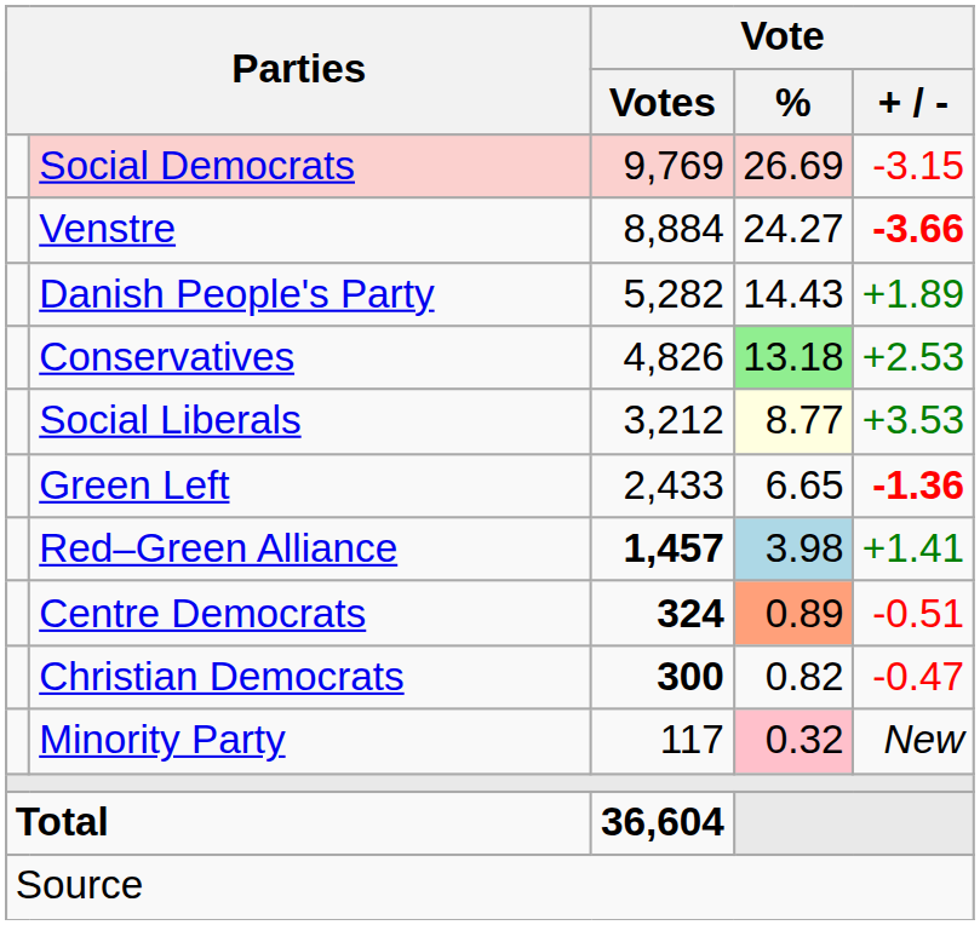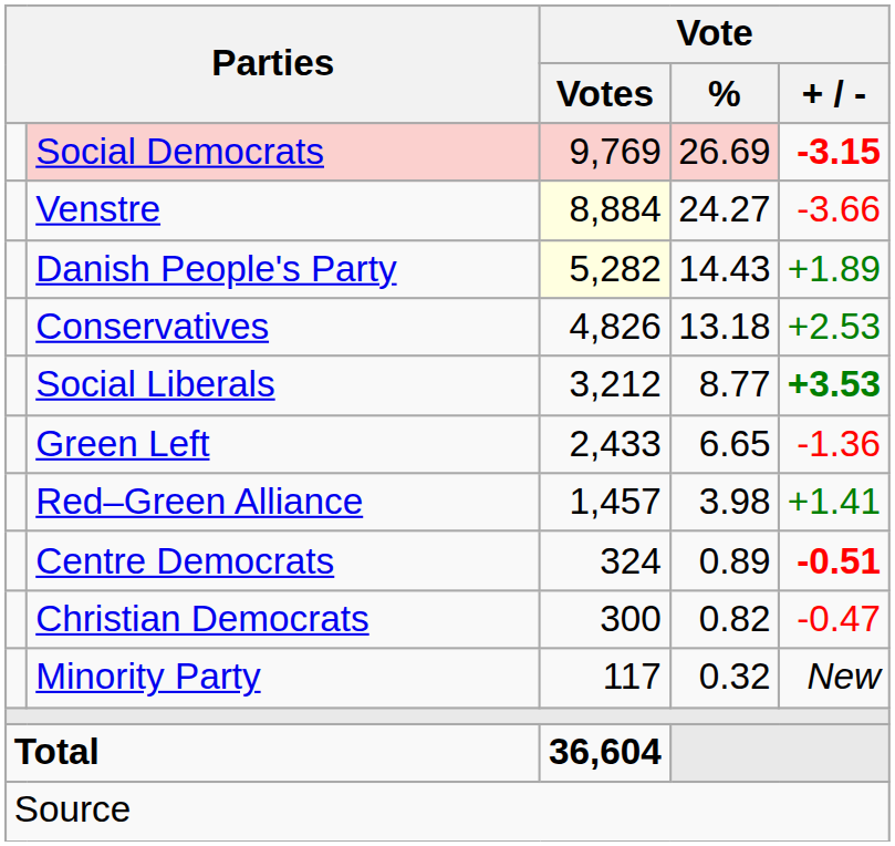 <table class="wikitable" style="text-align:right;">
 <tr>
 <th style="text-align:centre;" rowspan="2" colspan="2" width="225">Parties</th>
 <th colspan="3">Vote</th>
 </tr>
 <tr>
 <th width="15">Votes</th>
 <th width="15">%</th>
 <th width="15">+ / -</th>
 </tr>
 <tr>
 <td width="2" style="color:inherit;background:"></td>
 <td bgcolor=#fbd0ce  align="left"><a href='#'>Social Democrats</a></td>
 <td bgcolor=#fbd0ce>9,769</td>
 <td bgcolor=#fbd0ce>26.69</td>
-<td style=color:red;>-3.15</td>
+<td style=color:red;><strong>-3.15</strong></td>
 </tr>
 <tr>
 <td width="2" style="color:inherit;background:"></td>
 <td align="left"><a href='#'>Venstre</a></td>
-<td>8,884</td>
+<td style="background: lightyellow;">8,884</td>
 <td>24.27</td>
-<td style=color:red;><strong>-3.66</strong></td>
+<td style=color:red;>-3.66</td>
 </tr>
 <tr>
 <td width="2" style="color:inherit;background:"></td>
 <td align="left"><a href='#'>Danish People's Party</a></td>
-<td>5,282</td>
+<td style="background: lightyellow;">5,282</td>
 <td>14.43</td>
 <td style=color:green;>+1.89</td>
 </tr>
 <tr>
 <td width="2" style="color:inherit;background:"></td>
 <td align="left"><a href='#'>Conservatives</a></td>
 <td>4,826</td>
-<td style="background: lightgreen;">13.18</td>
+<td>13.18</td>
 <td style=color:green;>+2.53</td>
 </tr>
 <tr>
 <td width="2" style="color:inherit;background:"></td>
 <td align="left"><a href='#'>Social Liberals</a></td>
 <td>3,212</td>
-<td style="background: lightyellow;">8.77</td>
-<td style=color:green;>+3.53</td>
+<td>8.77</td>
+<td style=color:green;><strong>+3.53</strong></td>
 </tr>
 <tr>
 <td width="2" style="color:inherit;background:"></td>
 <td align="left"><a href='#'>Green Left</a></td>
 <td>2,433</td>
 <td>6.65</td>
-<td style=color:red;><strong>-1.36</strong></td>
+<td style=color:red;>-1.36</td>
 </tr>
 <tr>
 <td width="2" style="color:inherit;background:"></td>
 <td align="left"><a href='#'>Red–Green Alliance</a></td>
-<td><strong>1,457</strong></td>
-<td style="background: lightblue;">3.98</td>
+<td>1,457</td>
+<td>3.98</td>
 <td style=color:green;>+1.41</td>
 </tr>
 <tr>
 <td width="2" style="color:inherit;background:"></td>
 <td align="left"><a href='#'>Centre Democrats</a></td>
-<td><strong>324</strong></td>
-<td style="background: lightsalmon;">0.89</td>
-<td style=color:red;>-0.51</td>
+<td>324</td>
+<td>0.89</td>
+<td style=color:red;><strong>-0.51</strong></td>
 </tr>
 <tr>
 <td width="2" style="color:inherit;background:"></td>
 <td align="left"><a href='#'>Christian Democrats</a></td>
-<td><strong>300</strong></td>
+<td>300</td>
 <td>0.82</td>
 <td style=color:red;>-0.47</td>
 </tr>
 <tr>
 <td width="2" style="color:inherit;background:"></td>
 <td align="left"><a href='#'>Minority Party</a></td>
 <td>117</td>
-<td style="background: pink;">0.32</td>
+<td>0.32</td>
 <td><em>New</em></td>
 </tr>
 <tr>
 <td colspan="7" bgcolor="#E9E9E9"></td>
 </tr>
 <tr>
 <td align="left" colspan="2"><strong>Total</strong></td>
 <td><strong>36,604</strong></td>
 <td bgcolor="#E9E9E9" colspan="2"></td>
 </tr>
 <tr>
 <td align="left" colspan="6">Source</td>
 </tr>
 </table>
